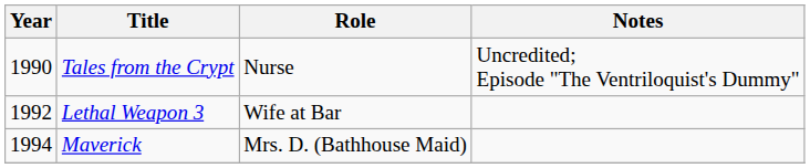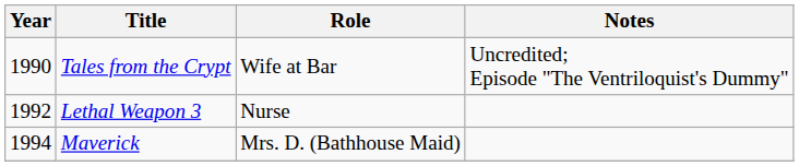 <table class="wikitable">
 <tr>
 <th>Year</th>
 <th>Title</th>
 <th>Role</th>
 <th>Notes</th>
 </tr>
 <tr>
 <td>1990</td>
 <td><em><a href='#'>Tales from the Crypt</a></em></td>
-<td>Nurse</td>
+<td>Wife at Bar</td>
 <td>Uncredited;<br>Episode "The Ventriloquist's Dummy"</td>
 </tr>
 <tr>
 <td>1992</td>
 <td><em><a href='#'>Lethal Weapon 3</a></em></td>
-<td>Wife at Bar</td>
+<td>Nurse</td>
 <td></td>
 </tr>
 <tr>
 <td>1994</td>
 <td><em><a href='#'>Maverick</a></em></td>
 <td>Mrs. D. (Bathhouse Maid)</td>
 <td></td>
 </tr>
 <tr>
 </tr>
 </table>
